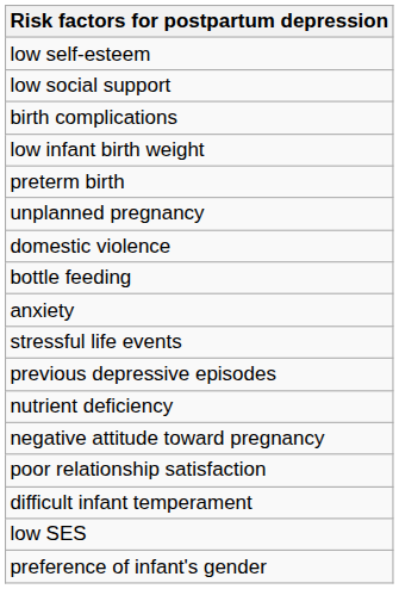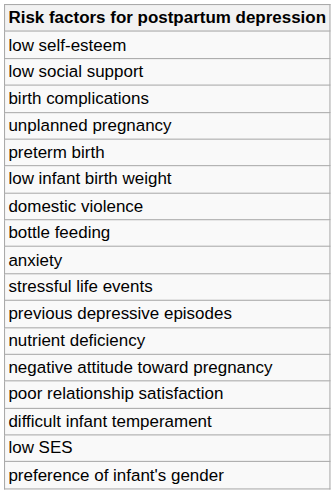 <table class="wikitable">
 <tr>
 <th>Risk factors for postpartum depression</th>
 </tr>
 <tr>
 <td>low self-esteem</td>
 </tr>
 <tr>
 <td>low social support</td>
 </tr>
 <tr>
 <td>birth complications</td>
 </tr>
 <tr>
-<td>low infant birth weight</td>
+<td>unplanned pregnancy</td>
 </tr>
 <tr>
 <td>preterm birth</td>
 </tr>
 <tr>
-<td>unplanned pregnancy</td>
+<td>low infant birth weight</td>
 </tr>
 <tr>
 <td>domestic violence</td>
 </tr>
 <tr>
 <td>bottle feeding</td>
 </tr>
 <tr>
 <td>anxiety</td>
 </tr>
 <tr>
 <td>stressful life events</td>
 </tr>
 <tr>
 <td>previous depressive episodes</td>
 </tr>
 <tr>
 <td>nutrient deficiency</td>
 </tr>
 <tr>
 <td>negative attitude toward pregnancy</td>
 </tr>
 <tr>
 <td>poor relationship satisfaction</td>
 </tr>
 <tr>
 <td>difficult infant temperament</td>
 </tr>
 <tr>
 <td>low SES</td>
 </tr>
 <tr>
 <td>preference of infant's gender</td>
 </tr>
 </table>
